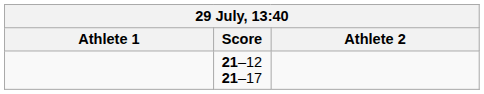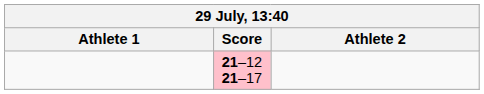 <table class="wikitable" style="text-align: center; font-size:90% ">
 <tr>
 <th colspan=3>29 July, 13:40</th>
 </tr>
 <tr>
 <th align="right" width="200">Athlete 1</th>
 <th width="50">Score</th>
 <th align="left" width="200">Athlete 2</th>
 </tr>
 <tr>
 <td align=right><strong></strong></td>
-<td align=center><strong>21</strong>–12<br><strong>21</strong>–17</td>
+<td align=center style="background: pink;"><strong>21</strong>–12<br><strong>21</strong>–17</td>
 <td align=left></td>
 </tr>
 </table>
